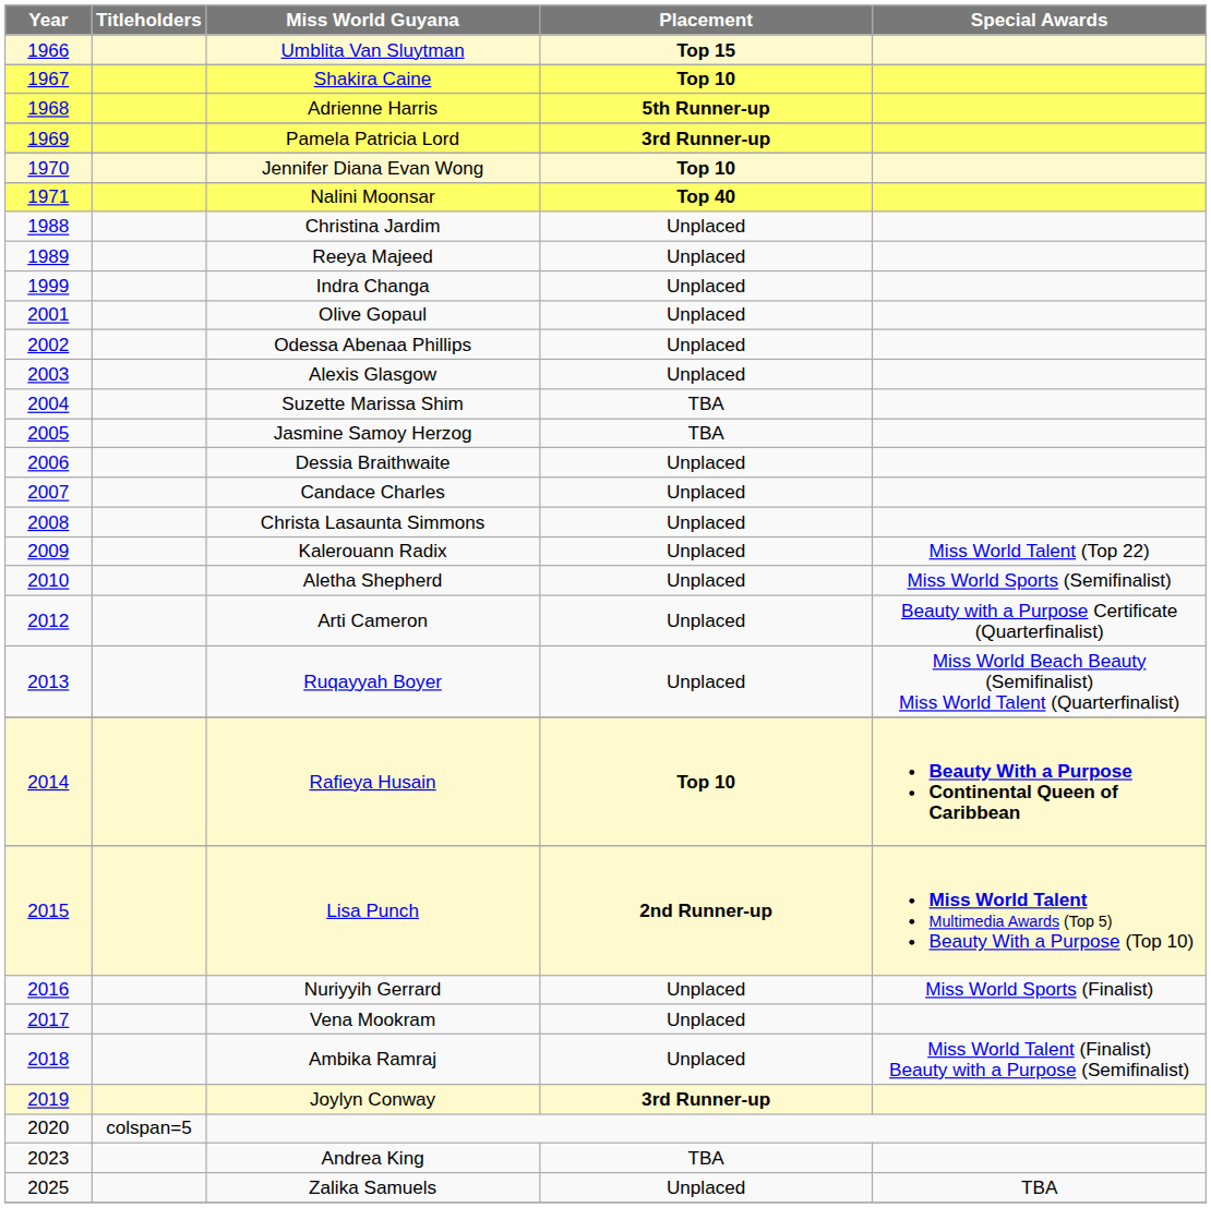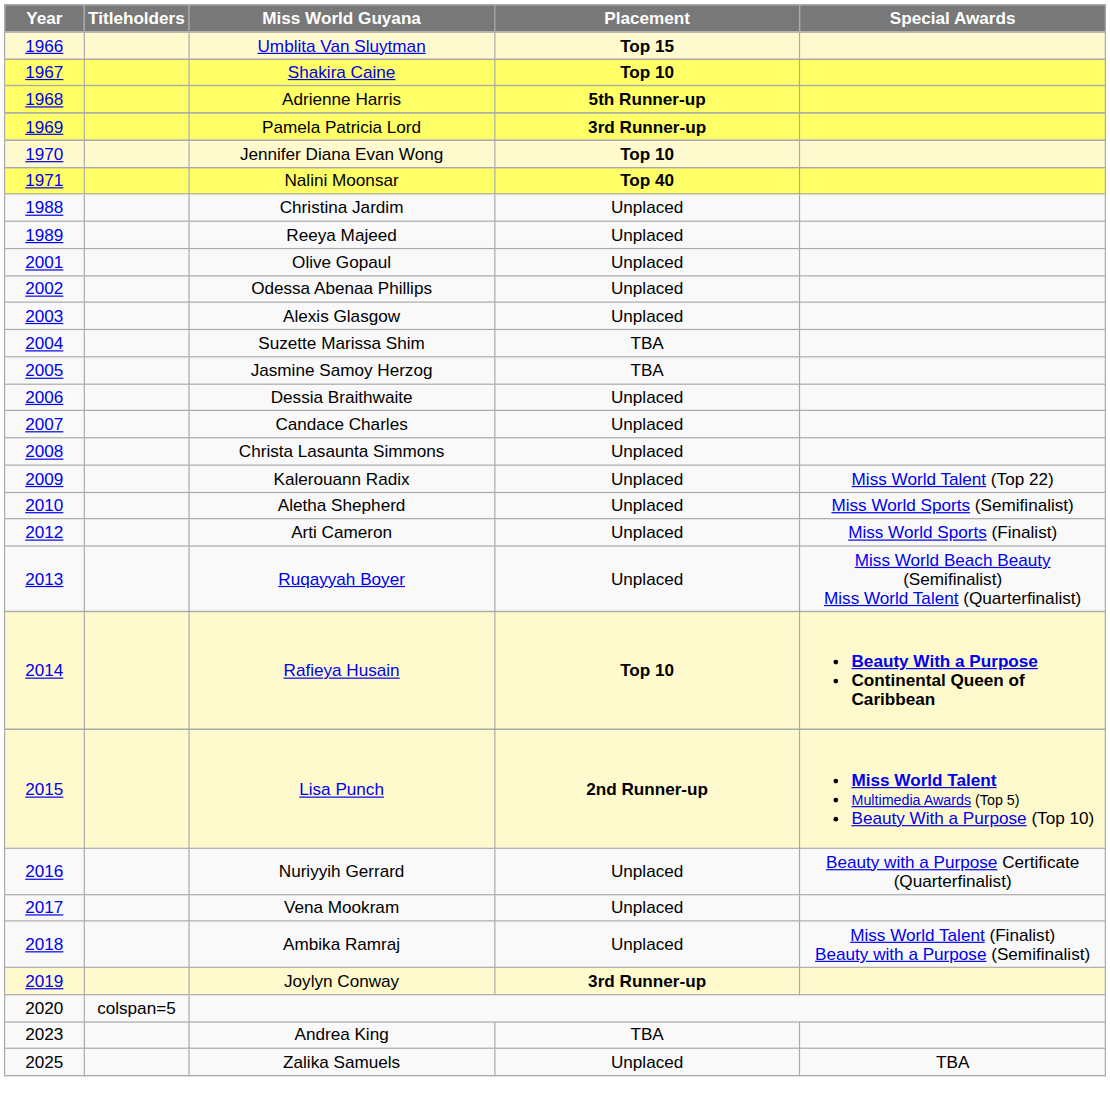 <table class="wikitable sortable" style="font-size: 90%; text-align:center">
 <tr>
 <th width="60" style="background-color:#787878;color:#FFFFFF;">Year</th>
 <th style="background-color:#787878;color:#FFFFFF;">Titleholders</th>
 <th width="250" style="background-color:#787878;color:#FFFFFF;">Miss World Guyana</th>
 <th width="250" style="background-color:#787878;color:#FFFFFF;">Placement</th>
 <th width="250" style="background-color:#787878;color:#FFFFFF;">Special Awards</th>
 </tr>
 <tr>
 </tr>
 <tr style="background-color:#FFFACD;">
 <td><a href='#'>1966</a></td>
 <td></td>
 <td><a href='#'>Umblita Van Sluytman</a></td>
 <td><strong>Top 15</strong></td>
 <td></td>
 </tr>
 <tr>
 </tr>
 <tr style="background-color:#FFFF66;">
 <td><a href='#'>1967</a></td>
 <td></td>
 <td><a href='#'>Shakira Caine</a></td>
 <td><strong>Top 10</strong></td>
 <td></td>
 </tr>
 <tr>
 </tr>
 <tr style="background-color:#FFFF66;">
 <td><a href='#'>1968</a></td>
 <td></td>
 <td>Adrienne Harris</td>
 <td><strong>5th Runner-up</strong></td>
 <td></td>
 </tr>
 <tr>
 </tr>
 <tr style="background-color:#FFFF66;">
 <td><a href='#'>1969</a></td>
 <td></td>
 <td>Pamela Patricia Lord</td>
 <td><strong>3rd Runner-up</strong></td>
 <td></td>
 </tr>
 <tr>
 </tr>
 <tr style="background-color:#FFFACD;">
 <td><a href='#'>1970</a></td>
 <td></td>
 <td>Jennifer Diana Evan Wong</td>
 <td><strong>Top 10</strong></td>
 <td></td>
 </tr>
 <tr>
 </tr>
 <tr style="background-color:#FFFF66;">
 <td><a href='#'>1971</a></td>
 <td></td>
 <td>Nalini Moonsar</td>
 <td><strong>Top 40</strong></td>
 <td></td>
 </tr>
 <tr>
 <td><a href='#'>1988</a></td>
 <td></td>
 <td>Christina Jardim</td>
 <td>Unplaced</td>
 <td></td>
 </tr>
 <tr>
 <td><a href='#'>1989</a></td>
 <td></td>
 <td>Reeya Majeed</td>
-<td>Unplaced</td>
-<td></td>
-</tr>
-<tr>
-<td><a href='#'>1999</a></td>
-<td></td>
-<td>Indra Changa</td>
 <td>Unplaced</td>
 <td></td>
 </tr>
 <tr>
 <td><a href='#'>2001</a></td>
 <td></td>
 <td>Olive Gopaul</td>
 <td>Unplaced</td>
 <td></td>
 </tr>
 <tr>
 <td><a href='#'>2002</a></td>
 <td></td>
 <td>Odessa Abenaa Phillips</td>
 <td>Unplaced</td>
 <td></td>
 </tr>
 <tr>
 <td><a href='#'>2003</a></td>
 <td></td>
 <td>Alexis Glasgow</td>
 <td>Unplaced</td>
 <td></td>
 </tr>
 <tr>
 <td><a href='#'>2004</a></td>
 <td></td>
 <td>Suzette Marissa Shim</td>
 <td>TBA</td>
 <td></td>
 </tr>
 <tr>
 <td><a href='#'>2005</a></td>
 <td></td>
 <td>Jasmine Samoy Herzog</td>
 <td>TBA</td>
 <td></td>
 </tr>
 <tr>
 <td><a href='#'>2006</a></td>
 <td></td>
 <td>Dessia Braithwaite</td>
 <td>Unplaced</td>
 <td></td>
 </tr>
 <tr>
 <td><a href='#'>2007</a></td>
 <td></td>
 <td>Candace Charles</td>
 <td>Unplaced</td>
 <td></td>
 </tr>
 <tr>
 <td><a href='#'>2008</a></td>
 <td></td>
 <td>Christa Lasaunta Simmons</td>
 <td>Unplaced</td>
 <td></td>
 </tr>
 <tr>
 <td><a href='#'>2009</a></td>
 <td></td>
 <td>Kalerouann Radix</td>
 <td>Unplaced</td>
 <td><a href='#'>Miss World Talent</a> (Top 22)</td>
 </tr>
 <tr>
 <td><a href='#'>2010</a></td>
 <td></td>
 <td>Aletha Shepherd</td>
 <td>Unplaced</td>
 <td><a href='#'>Miss World Sports</a> (Semifinalist)</td>
 </tr>
 <tr>
 <td><a href='#'>2012</a></td>
 <td></td>
 <td>Arti Cameron</td>
 <td>Unplaced</td>
-<td><a href='#'>Beauty with a Purpose</a> Certificate (Quarterfinalist)</td>
+<td><a href='#'>Miss World Sports</a> (Finalist)</td>
 </tr>
 <tr>
 <td><a href='#'>2013</a></td>
 <td></td>
 <td><a href='#'>Ruqayyah Boyer</a></td>
 <td>Unplaced</td>
 <td><a href='#'>Miss World Beach Beauty</a> (Semifinalist)<br><a href='#'>Miss World Talent</a> (Quarterfinalist)</td>
 </tr>
 <tr>
 </tr>
 <tr style="background-color:#FFFACD;">
 <td><a href='#'>2014</a></td>
 <td></td>
 <td><a href='#'>Rafieya Husain</a></td>
 <td><strong>Top 10</strong></td>
 <td align="left"><br><ul><li><strong><a href='#'>Beauty With a Purpose</a></strong></li><li><strong>Continental Queen of Caribbean</strong></li></ul></td>
 </tr>
 <tr>
 </tr>
 <tr style="background-color:#FFFACD;">
 <td><a href='#'>2015</a></td>
 <td></td>
 <td><a href='#'>Lisa Punch</a></td>
 <td><strong>2nd Runner-up</strong></td>
 <td align="left"><br><ul><li><strong><a href='#'>Miss World Talent</a></strong></li><li><small><a href='#'>Multimedia Awards</a> (Top 5)</small></li><li><a href='#'>Beauty With a Purpose</a> (Top 10)</li></ul></td>
 </tr>
 <tr>
 <td><a href='#'>2016</a></td>
 <td></td>
 <td>Nuriyyih Gerrard</td>
 <td>Unplaced</td>
-<td><a href='#'>Miss World Sports</a> (Finalist)</td>
+<td><a href='#'>Beauty with a Purpose</a> Certificate (Quarterfinalist)</td>
 </tr>
 <tr>
 <td><a href='#'>2017</a></td>
 <td></td>
 <td>Vena Mookram</td>
 <td>Unplaced</td>
 <td></td>
 </tr>
 <tr>
 <td><a href='#'>2018</a></td>
 <td></td>
 <td>Ambika Ramraj</td>
 <td>Unplaced</td>
 <td><a href='#'>Miss World Talent</a> (Finalist)<br><a href='#'>Beauty with a Purpose</a> (Semifinalist)</td>
 </tr>
 <tr style="background-color:#FFFACD;">
 <td><a href='#'>2019</a></td>
 <td></td>
 <td>Joylyn Conway</td>
 <td><strong>3rd Runner-up</strong></td>
 <td></td>
 </tr>
 <tr>
 <td>2020</td>
 <td>colspan=5 </td>
 </tr>
 <tr>
 <td>2023</td>
 <td></td>
 <td>Andrea King</td>
 <td>TBA</td>
 <td></td>
 </tr>
 <tr>
 <td>2025</td>
 <td></td>
 <td>Zalika Samuels</td>
 <td>Unplaced</td>
 <td>TBA</td>
 </tr>
 <tr>
 </tr>
 </table>
